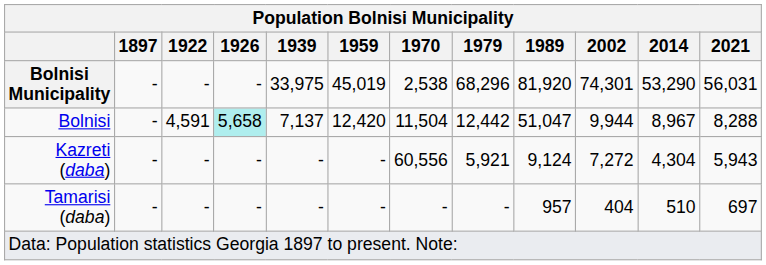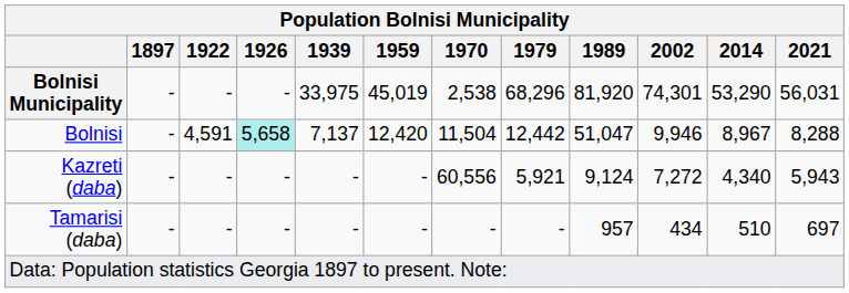 <table class="wikitable" style="text-align:right">
 <tr>
 <th colspan=19>Population Bolnisi Municipality</th>
 </tr>
 <tr>
 <th></th>
 <th>1897</th>
 <th>1922</th>
 <th>1926</th>
 <th>1939</th>
 <th>1959</th>
 <th>1970</th>
 <th>1979</th>
 <th>1989</th>
 <th>2002</th>
 <th>2014</th>
 <th>2021</th>
 </tr>
 <tr>
 <th>Bolnisi Municipality</th>
 <td>-</td>
 <td>-</td>
 <td>-</td>
 <td>33,975</td>
 <td> 45,019</td>
 <td>2,538</td>
 <td> 68,296</td>
 <td> 81,920</td>
 <td> 74,301</td>
 <td> 53,290</td>
 <td> 56,031</td>
 </tr>
 <tr>
 <td><a href='#'>Bolnisi</a> </td>
 <td>-</td>
 <td>4,591</td>
 <td style="background: paleturquoise;"> 5,658</td>
 <td> 7,137</td>
 <td> 12,420</td>
 <td> 11,504</td>
 <td> 12,442</td>
 <td> 51,047</td>
-<td> 9,944</td>
+<td> 9,946</td>
 <td> 8,967</td>
 <td> 8,288</td>
 </tr>
 <tr>
 <td><a href='#'>Kazreti</a> (<a href='#'><em>daba</em></a>)</td>
 <td>-</td>
 <td>-</td>
 <td>-</td>
 <td>-</td>
 <td>-</td>
 <td> 60,556</td>
 <td> 5,921</td>
 <td> 9,124</td>
 <td> 7,272</td>
-<td> 4,304</td>
+<td> 4,340</td>
 <td> 5,943</td>
 </tr>
 <tr>
 <td><a href='#'>Tamarisi</a> (<em>daba</em>)</td>
 <td>-</td>
 <td>-</td>
 <td>-</td>
 <td>-</td>
 <td>-</td>
 <td>-</td>
 <td>-</td>
 <td>957</td>
-<td> 404</td>
+<td> 434</td>
 <td> 510</td>
 <td> 697</td>
 </tr>
 <tr>
 <td colspan=15 class="wikitable" style="align:left;text-align:left;background-color:#eaecf0">Data: Population statistics Georgia 1897 to present. Note:</td>
 </tr>
 </table>
